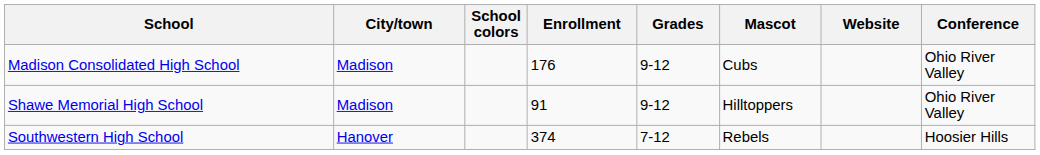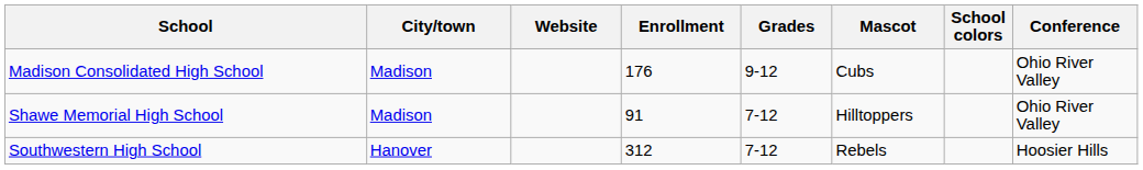 <table class="wikitable sortable" width="70%">
 <tr>
 <th width="20%">School</th>
 <th width="08%">City/town</th>
-<th width=01%>School colors</th>
+<th width="06%">Website</th>
 <th width="04%">Enrollment</th>
 <th width="04%">Grades</th>
 <th width="04%">Mascot</th>
-<th width="06%">Website</th>
+<th width=01%>School colors</th>
 <th width="04%">Conference</th>
 </tr>
 <tr>
 <td><a href='#'>Madison Consolidated High School</a></td>
 <td><a href='#'>Madison</a></td>
-<td> </td>
+<td></td>
 <td>176</td>
 <td>9-12</td>
 <td>Cubs</td>
-<td></td>
+<td> </td>
 <td>Ohio River Valley</td>
 </tr>
 <tr>
 <td><a href='#'>Shawe Memorial High School</a></td>
 <td><a href='#'>Madison</a></td>
+<td></td>
+<td>91</td>
+<td>7-12</td>
+<td>Hilltoppers</td>
 <td> </td>
-<td>91</td>
-<td>9-12</td>
-<td>Hilltoppers</td>
-<td></td>
 <td>Ohio River Valley</td>
 </tr>
 <tr>
 <td><a href='#'>Southwestern High School</a></td>
 <td><a href='#'>Hanover</a></td>
-<td>  </td>
-<td>374</td>
+<td></td>
+<td>312</td>
 <td>7-12</td>
 <td>Rebels</td>
-<td></td>
+<td>  </td>
 <td>Hoosier Hills</td>
 </tr>
 </table>
